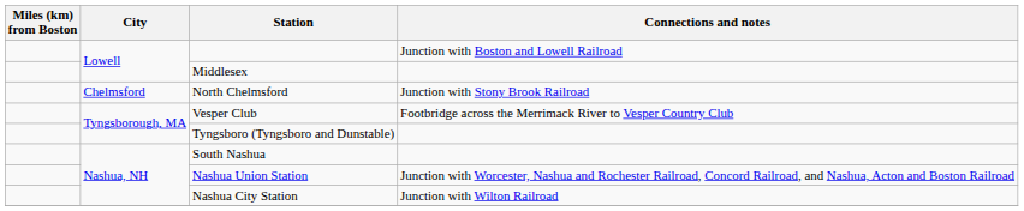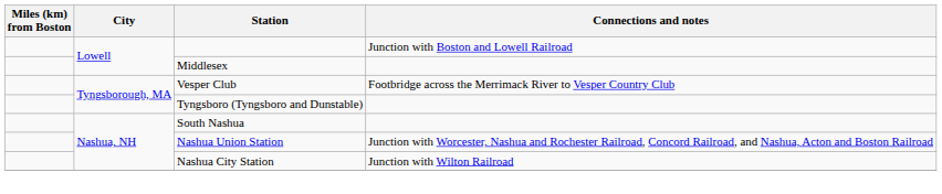 <table class="wikitable">
 <tr>
 <th>Miles (km)<br>from Boston</th>
 <th>City</th>
 <th>Station</th>
 <th>Connections and notes</th>
 </tr>
 <tr>
 <td></td>
 <td rowspan=2><a href='#'>Lowell</a></td>
 <td></td>
 <td>Junction with <a href='#'>Boston and Lowell Railroad</a></td>
 </tr>
 <tr>
 <td></td>
 <td>Middlesex</td>
 <td></td>
-</tr>
-<tr>
-<td></td>
-<td><a href='#'>Chelmsford</a></td>
-<td>North Chelmsford</td>
-<td>Junction with <a href='#'>Stony Brook Railroad</a></td>
 </tr>
 <tr>
 <td></td>
 <td rowspan=2><a href='#'>Tyngsborough, MA</a></td>
 <td>Vesper Club</td>
 <td>Footbridge across the Merrimack River to <a href='#'>Vesper Country Club</a></td>
 </tr>
 <tr>
 <td></td>
 <td>Tyngsboro (Tyngsboro and Dunstable)</td>
 <td></td>
 </tr>
 <tr>
 <td></td>
 <td rowspan=3><a href='#'>Nashua, NH</a></td>
 <td>South Nashua</td>
 <td></td>
 </tr>
 <tr>
 <td></td>
 <td><a href='#'>Nashua Union Station</a></td>
 <td>Junction with <a href='#'>Worcester, Nashua and Rochester Railroad</a>, <a href='#'>Concord Railroad</a>, and <a href='#'>Nashua, Acton and Boston Railroad</a></td>
 </tr>
 <tr>
 <td></td>
 <td>Nashua City Station</td>
 <td>Junction with <a href='#'>Wilton Railroad</a></td>
 </tr>
 <tr>
 </tr>
 </table>
